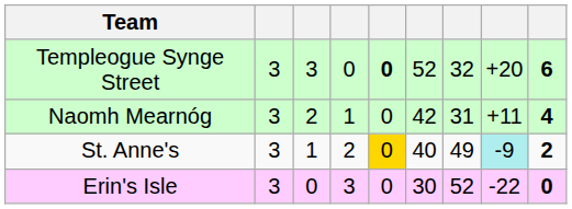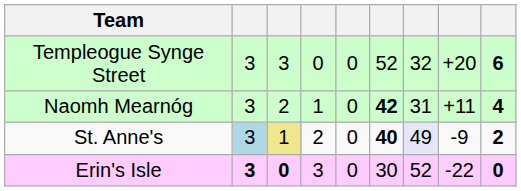 <table class="wikitable" style="text-align:center">
 <tr>
 <th style="width:175px;">Team</th>
 <th width="20"></th>
 <th width="20"></th>
 <th width="20"></th>
 <th width="20"></th>
 <th width="20"></th>
 <th width="20"></th>
 <th width="20"></th>
 <th width="20"></th>
 </tr>
 <tr style="background:#cfc">
 <td>Templeogue Synge Street</td>
 <td>3</td>
 <td>3</td>
 <td>0</td>
-<td><strong>0</strong></td>
+<td>0</td>
 <td>52</td>
 <td>32</td>
 <td>+20</td>
 <td><strong>6</strong></td>
 </tr>
 <tr style="background:#cfc;">
 <td>Naomh Mearnóg</td>
 <td>3</td>
 <td>2</td>
 <td>1</td>
 <td>0</td>
-<td>42</td>
+<td><strong>42</strong></td>
 <td>31</td>
 <td>+11</td>
 <td><strong>4</strong></td>
 </tr>
 <tr>
 <td>St. Anne's</td>
-<td>3</td>
-<td>1</td>
+<td style="background: lightblue;">3</td>
+<td style="background: khaki;">1</td>
 <td>2</td>
-<td style="background: gold;">0</td>
-<td>40</td>
-<td>49</td>
-<td style="background: paleturquoise;">-9</td>
+<td>0</td>
+<td><strong>40</strong></td>
+<td style="background: lavender;">49</td>
+<td>-9</td>
 <td><strong>2</strong></td>
 </tr>
 <tr style="background:#fcf;">
 <td>Erin's Isle</td>
-<td>3</td>
-<td>0</td>
+<td><strong>3</strong></td>
+<td><strong>0</strong></td>
 <td>3</td>
 <td>0</td>
 <td>30</td>
 <td>52</td>
 <td>-22</td>
 <td><strong>0</strong></td>
 </tr>
 </table>
